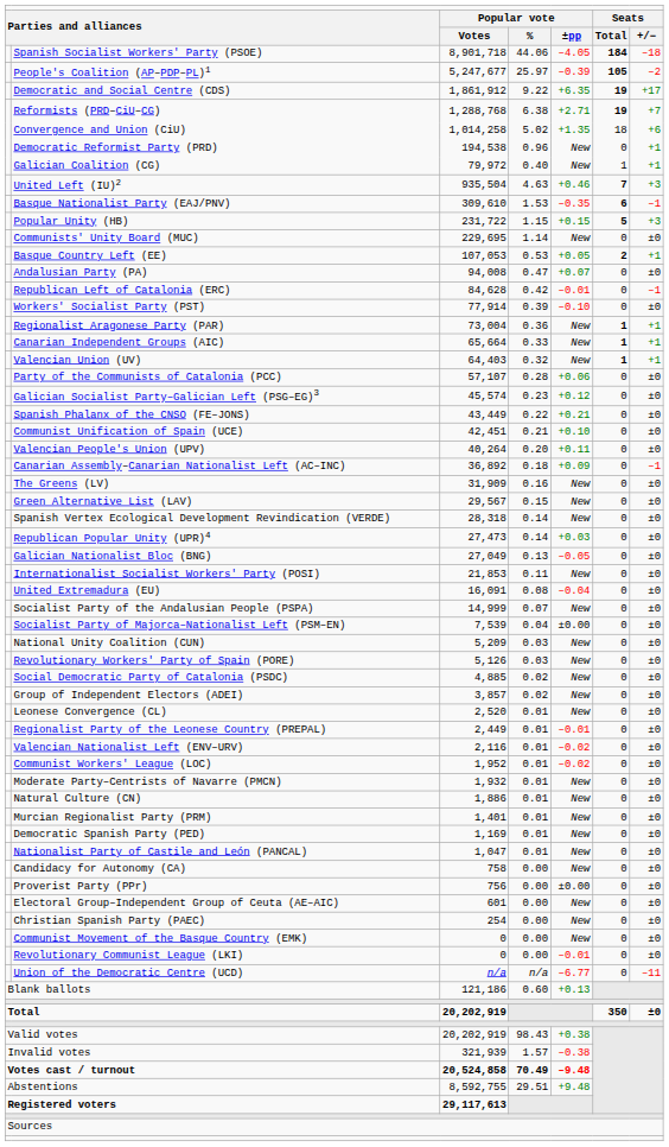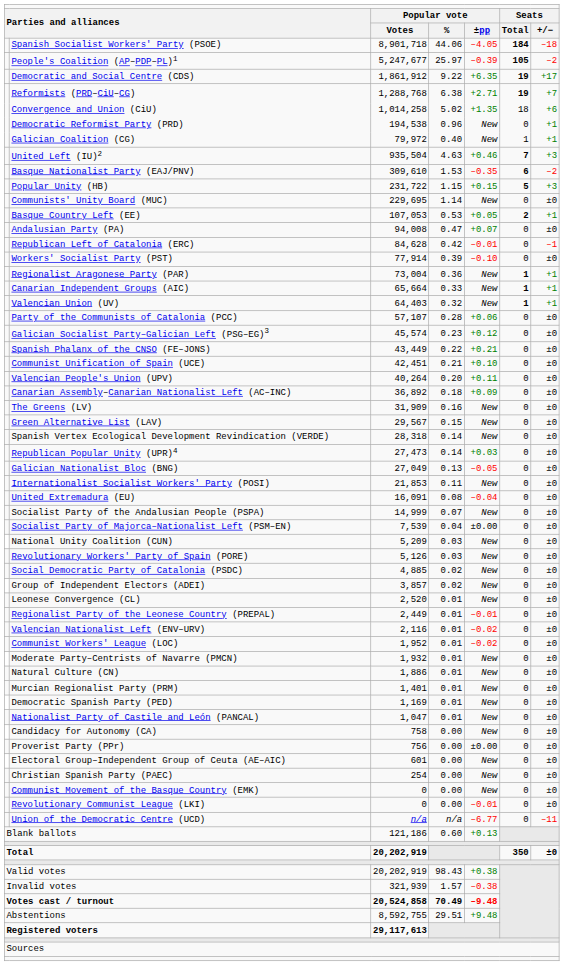 <table class="wikitable" style="text-align:right;">
 <tr>
 <td colspan="7"></td>
 </tr>
 <tr>
 <th style="text-align:left;" rowspan="2" colspan="2" width="525">Parties and alliances</th>
 <th colspan="3">Popular vote</th>
 <th colspan="2">Seats</th>
 </tr>
 <tr>
 <th width="75">Votes</th>
 <th width="45">%</th>
 <th width="45">±<a href='#'>pp</a></th>
 <th width="35">Total</th>
 <th width="35">+/−</th>
 </tr>
 <tr>
 <td width="1" style="color:inherit;background:"></td>
 <td align="left"><a href='#'>Spanish Socialist Workers' Party</a> (PSOE)</td>
 <td>8,901,718</td>
 <td>44.06</td>
 <td style="color:red;">–4.05</td>
 <td><strong>184</strong></td>
 <td style="color:red;">–18</td>
 </tr>
 <tr>
 <td style="color:inherit;background:"></td>
 <td align="left"><a href='#'>People's Coalition</a> (<a href='#'>AP</a>–<a href='#'>PDP</a>–<a href='#'>PL</a>)<sup>1</sup></td>
 <td>5,247,677</td>
 <td>25.97</td>
 <td style="color:red;">–0.39</td>
 <td><strong>105</strong></td>
 <td style="color:red;">–2</td>
 </tr>
 <tr>
 <td style="color:inherit;background:"></td>
 <td align="left"><a href='#'>Democratic and Social Centre</a> (CDS)</td>
 <td>1,861,912</td>
 <td>9.22</td>
 <td style="color:green;">+6.35</td>
 <td><strong>19</strong></td>
 <td style="color:green;">+17</td>
 </tr>
 <tr style="line-height:22px;">
 <td rowspan="4" style="color:inherit;background:"></td>
 <td align="left"><a href='#'>Reformists</a> (<a href='#'>PRD</a>–<a href='#'>CiU</a>–<a href='#'>CG</a>)</td>
 <td>1,288,768</td>
 <td>6.38</td>
 <td style="color:green;">+2.71</td>
 <td><strong>19</strong></td>
 <td style="color:green;">+7</td>
 </tr>
 <tr style="border-bottom-style:hidden; border-top-style:hidden; line-height:16px;">
 <td align="left"><span><a href='#'>Convergence and Union</a> (CiU)</span></td>
 <td>1,014,258</td>
 <td>5.02</td>
 <td style="color:green;">+1.35</td>
 <td>18</td>
 <td style="color:green;">+6</td>
 </tr>
 <tr style="border-bottom-style:hidden; line-height:16px;">
 <td align="left"><span><a href='#'>Democratic Reformist Party</a> (PRD)</span></td>
 <td>194,538</td>
 <td>0.96</td>
 <td><em>New</em></td>
 <td>0</td>
 <td style="color:green;">+1</td>
 </tr>
 <tr style="line-height:16px;">
 <td align="left"><span><a href='#'>Galician Coalition</a> (CG)</span></td>
 <td>79,972</td>
 <td>0.40</td>
 <td><em>New</em></td>
 <td>1</td>
 <td style="color:green;">+1</td>
 </tr>
 <tr>
 <td style="color:inherit;background:"></td>
 <td align="left"><a href='#'>United Left</a> (IU)<sup>2</sup></td>
 <td>935,504</td>
 <td>4.63</td>
 <td style="color:green;">+0.46</td>
 <td><strong>7</strong></td>
 <td style="color:green;">+3</td>
 </tr>
 <tr>
 <td style="color:inherit;background:"></td>
 <td align="left"><a href='#'>Basque Nationalist Party</a> (EAJ/PNV)</td>
 <td>309,610</td>
 <td>1.53</td>
 <td style="color:red;">–0.35</td>
 <td><strong>6</strong></td>
-<td style="color:red;">–1</td>
+<td style="color:red;">–2</td>
 </tr>
 <tr>
 <td style="color:inherit;background:"></td>
 <td align="left"><a href='#'>Popular Unity</a> (HB)</td>
 <td>231,722</td>
 <td>1.15</td>
 <td style="color:green;">+0.15</td>
 <td><strong>5</strong></td>
 <td style="color:green;">+3</td>
 </tr>
 <tr>
 <td style="color:inherit;background:"></td>
 <td align="left"><a href='#'>Communists' Unity Board</a> (MUC)</td>
 <td>229,695</td>
 <td>1.14</td>
 <td><em>New</em></td>
 <td>0</td>
 <td>±0</td>
 </tr>
 <tr>
 <td style="color:inherit;background:"></td>
 <td align="left"><a href='#'>Basque Country Left</a> (EE)</td>
 <td>107,053</td>
 <td>0.53</td>
 <td style="color:green;">+0.05</td>
 <td><strong>2</strong></td>
 <td style="color:green;">+1</td>
 </tr>
 <tr>
 <td style="color:inherit;background:"></td>
 <td align="left"><a href='#'>Andalusian Party</a> (PA)</td>
 <td>94,008</td>
 <td>0.47</td>
 <td style="color:green;">+0.07</td>
 <td>0</td>
 <td>±0</td>
 </tr>
 <tr>
 <td style="color:inherit;background:"></td>
 <td align="left"><a href='#'>Republican Left of Catalonia</a> (ERC)</td>
 <td>84,628</td>
 <td>0.42</td>
 <td style="color:red;">–0.01</td>
 <td>0</td>
 <td style="color:red;">–1</td>
 </tr>
 <tr>
 <td style="color:inherit;background:"></td>
 <td align="left"><a href='#'>Workers' Socialist Party</a> (PST)</td>
 <td>77,914</td>
 <td>0.39</td>
 <td style="color:red;">–0.10</td>
 <td>0</td>
 <td>±0</td>
 </tr>
 <tr>
 <td style="color:inherit;background:"></td>
 <td align="left"><a href='#'>Regionalist Aragonese Party</a> (PAR)</td>
 <td>73,004</td>
 <td>0.36</td>
 <td><em>New</em></td>
 <td><strong>1</strong></td>
 <td style="color:green;">+1</td>
 </tr>
 <tr>
 <td style="color:inherit;background:"></td>
 <td align="left"><a href='#'>Canarian Independent Groups</a> (AIC)</td>
 <td>65,664</td>
 <td>0.33</td>
 <td><em>New</em></td>
 <td><strong>1</strong></td>
 <td style="color:green;">+1</td>
 </tr>
 <tr>
 <td style="color:inherit;background:"></td>
 <td align="left"><a href='#'>Valencian Union</a> (UV)</td>
 <td>64,403</td>
 <td>0.32</td>
 <td><em>New</em></td>
 <td><strong>1</strong></td>
 <td style="color:green;">+1</td>
 </tr>
 <tr>
 <td style="color:inherit;background:"></td>
 <td align="left"><a href='#'>Party of the Communists of Catalonia</a> (PCC)</td>
 <td>57,107</td>
 <td>0.28</td>
 <td style="color:green;">+0.06</td>
 <td>0</td>
 <td>±0</td>
 </tr>
 <tr>
 <td style="color:inherit;background:"></td>
 <td align="left"><a href='#'>Galician Socialist Party–Galician Left</a> (PSG–EG)<sup>3</sup></td>
 <td>45,574</td>
 <td>0.23</td>
 <td style="color:green;">+0.12</td>
 <td>0</td>
 <td>±0</td>
 </tr>
 <tr>
 <td style="color:inherit;background:"></td>
 <td align="left"><a href='#'>Spanish Phalanx of the CNSO</a> (FE–JONS)</td>
 <td>43,449</td>
 <td>0.22</td>
 <td style="color:green;">+0.21</td>
 <td>0</td>
 <td>±0</td>
 </tr>
 <tr>
 <td style="color:inherit;background:"></td>
 <td align="left"><a href='#'>Communist Unification of Spain</a> (UCE)</td>
 <td>42,451</td>
 <td>0.21</td>
 <td style="color:green;">+0.10</td>
 <td>0</td>
 <td>±0</td>
 </tr>
 <tr>
 <td style="color:inherit;background:"></td>
 <td align="left"><a href='#'>Valencian People's Union</a> (UPV)</td>
 <td>40,264</td>
 <td>0.20</td>
 <td style="color:green;">+0.11</td>
 <td>0</td>
 <td>±0</td>
 </tr>
 <tr>
 <td style="color:inherit;background:"></td>
 <td align="left"><a href='#'>Canarian Assembly</a>–<a href='#'>Canarian Nationalist Left</a> (AC–INC)</td>
 <td>36,892</td>
 <td>0.18</td>
 <td style="color:green;">+0.09</td>
 <td>0</td>
-<td style="color:red;">–1</td>
+<td>±0</td>
 </tr>
 <tr>
 <td style="color:inherit;background:"></td>
 <td align="left"><a href='#'>The Greens</a> (LV)</td>
 <td>31,909</td>
 <td>0.16</td>
 <td><em>New</em></td>
 <td>0</td>
 <td>±0</td>
 </tr>
 <tr>
 <td style="color:inherit;background:"></td>
 <td align="left"><a href='#'>Green Alternative List</a> (LAV)</td>
 <td>29,567</td>
 <td>0.15</td>
 <td><em>New</em></td>
 <td>0</td>
 <td>±0</td>
 </tr>
 <tr>
 <td style="color:inherit;background:"></td>
 <td align="left">Spanish Vertex Ecological Development Revindication (VERDE)</td>
 <td>28,318</td>
 <td>0.14</td>
 <td><em>New</em></td>
 <td>0</td>
 <td>±0</td>
 </tr>
 <tr>
 <td style="color:inherit;background:"></td>
 <td align="left"><a href='#'>Republican Popular Unity</a> (UPR)<sup>4</sup></td>
 <td>27,473</td>
 <td>0.14</td>
 <td style="color:green;">+0.03</td>
 <td>0</td>
 <td>±0</td>
 </tr>
 <tr>
 <td style="color:inherit;background:"></td>
 <td align="left"><a href='#'>Galician Nationalist Bloc</a> (BNG)</td>
 <td>27,049</td>
 <td>0.13</td>
 <td style="color:red;">–0.05</td>
 <td>0</td>
 <td>±0</td>
 </tr>
 <tr>
 <td style="color:inherit;background:"></td>
 <td align="left"><a href='#'>Internationalist Socialist Workers' Party</a> (POSI)</td>
 <td>21,853</td>
 <td>0.11</td>
 <td><em>New</em></td>
 <td>0</td>
 <td>±0</td>
 </tr>
 <tr>
 <td style="color:inherit;background:"></td>
 <td align="left"><a href='#'>United Extremadura</a> (EU)</td>
 <td>16,091</td>
 <td>0.08</td>
 <td style="color:red;">–0.04</td>
 <td>0</td>
 <td>±0</td>
 </tr>
 <tr>
 <td style="color:inherit;background:"></td>
 <td align="left">Socialist Party of the Andalusian People (PSPA)</td>
 <td>14,999</td>
 <td>0.07</td>
 <td><em>New</em></td>
 <td>0</td>
 <td>±0</td>
 </tr>
 <tr>
 <td style="color:inherit;background:"></td>
 <td align="left"><a href='#'>Socialist Party of Majorca–Nationalist Left</a> (PSM–EN)</td>
 <td>7,539</td>
 <td>0.04</td>
 <td>±0.00</td>
 <td>0</td>
 <td>±0</td>
 </tr>
 <tr>
 <td bgcolor="white"></td>
 <td align="left">National Unity Coalition (CUN)</td>
 <td>5,209</td>
 <td>0.03</td>
 <td><em>New</em></td>
 <td>0</td>
 <td>±0</td>
 </tr>
 <tr>
 <td style="color:inherit;background:"></td>
 <td align="left"><a href='#'>Revolutionary Workers' Party of Spain</a> (PORE)</td>
 <td>5,126</td>
 <td>0.03</td>
 <td><em>New</em></td>
 <td>0</td>
 <td>±0</td>
 </tr>
 <tr>
 <td style="color:inherit;background:"></td>
 <td align="left"><a href='#'>Social Democratic Party of Catalonia</a> (PSDC)</td>
 <td>4,885</td>
 <td>0.02</td>
 <td><em>New</em></td>
 <td>0</td>
 <td>±0</td>
 </tr>
 <tr>
 <td bgcolor="white"></td>
 <td align="left">Group of Independent Electors (ADEI)</td>
 <td>3,857</td>
 <td>0.02</td>
 <td><em>New</em></td>
 <td>0</td>
 <td>±0</td>
 </tr>
 <tr>
 <td style="color:inherit;background:"></td>
 <td align="left">Leonese Convergence (CL)</td>
 <td>2,520</td>
 <td>0.01</td>
 <td><em>New</em></td>
 <td>0</td>
 <td>±0</td>
 </tr>
 <tr>
 <td style="color:inherit;background:"></td>
 <td align="left"><a href='#'>Regionalist Party of the Leonese Country</a> (PREPAL)</td>
 <td>2,449</td>
 <td>0.01</td>
 <td style="color:red;">–0.01</td>
 <td>0</td>
 <td>±0</td>
 </tr>
 <tr>
 <td style="color:inherit;background:"></td>
 <td align="left"><a href='#'>Valencian Nationalist Left</a> (ENV–URV)</td>
 <td>2,116</td>
 <td>0.01</td>
 <td style="color:red;">–0.02</td>
 <td>0</td>
 <td>±0</td>
 </tr>
 <tr>
 <td style="color:inherit;background:"></td>
 <td align="left"><a href='#'>Communist Workers' League</a> (LOC)</td>
 <td>1,952</td>
 <td>0.01</td>
 <td style="color:red;">–0.02</td>
 <td>0</td>
 <td>±0</td>
 </tr>
 <tr>
 <td bgcolor="white"></td>
 <td align="left">Moderate Party–Centrists of Navarre (PMCN)</td>
 <td>1,932</td>
 <td>0.01</td>
 <td><em>New</em></td>
 <td>0</td>
 <td>±0</td>
 </tr>
 <tr>
 <td style="color:inherit;background:"></td>
 <td align="left">Natural Culture (CN)</td>
 <td>1,886</td>
 <td>0.01</td>
 <td><em>New</em></td>
 <td>0</td>
 <td>±0</td>
 </tr>
 <tr>
 <td style="color:inherit;background:"></td>
 <td align="left">Murcian Regionalist Party (PRM)</td>
 <td>1,401</td>
 <td>0.01</td>
 <td><em>New</em></td>
 <td>0</td>
 <td>±0</td>
 </tr>
 <tr>
 <td bgcolor="white"></td>
 <td align="left">Democratic Spanish Party (PED)</td>
 <td>1,169</td>
 <td>0.01</td>
 <td><em>New</em></td>
 <td>0</td>
 <td>±0</td>
 </tr>
 <tr>
 <td style="color:inherit;background:"></td>
 <td align="left"><a href='#'>Nationalist Party of Castile and León</a> (PANCAL)</td>
 <td>1,047</td>
 <td>0.01</td>
 <td><em>New</em></td>
 <td>0</td>
 <td>±0</td>
 </tr>
 <tr>
 <td bgcolor="white"></td>
 <td align="left">Candidacy for Autonomy (CA)</td>
 <td>758</td>
 <td>0.00</td>
 <td><em>New</em></td>
 <td>0</td>
 <td>±0</td>
 </tr>
 <tr>
 <td style="color:inherit;background:"></td>
 <td align="left">Proverist Party (PPr)</td>
 <td>756</td>
 <td>0.00</td>
 <td>±0.00</td>
 <td>0</td>
 <td>±0</td>
 </tr>
 <tr>
 <td bgcolor="white"></td>
 <td align="left">Electoral Group–Independent Group of Ceuta (AE–AIC)</td>
 <td>601</td>
 <td>0.00</td>
 <td><em>New</em></td>
 <td>0</td>
 <td>±0</td>
 </tr>
 <tr>
 <td style="color:inherit;background:"></td>
 <td align="left">Christian Spanish Party (PAEC)</td>
 <td>254</td>
 <td>0.00</td>
 <td><em>New</em></td>
 <td>0</td>
 <td>±0</td>
 </tr>
 <tr>
 <td style="color:inherit;background:"></td>
 <td align="left"><a href='#'>Communist Movement of the Basque Country</a> (EMK)</td>
 <td>0</td>
 <td>0.00</td>
 <td><em>New</em></td>
 <td>0</td>
 <td>±0</td>
 </tr>
 <tr>
 <td style="color:inherit;background:"></td>
 <td align="left"><a href='#'>Revolutionary Communist League</a> (LKI)</td>
 <td>0</td>
 <td>0.00</td>
 <td style="color:red;">–0.01</td>
 <td>0</td>
 <td>±0</td>
 </tr>
 <tr>
 <td style="color:inherit;background:"></td>
 <td align="left"><a href='#'>Union of the Democratic Centre</a> (UCD)</td>
 <td><em><a href='#'>n/a</a></em></td>
 <td><em>n/a</em></td>
 <td style="color:red;">–6.77</td>
 <td>0</td>
 <td style="color:red;">–11</td>
 </tr>
 <tr>
 <td align="left" colspan="2">Blank ballots</td>
 <td>121,186</td>
 <td>0.60</td>
 <td style="color:green;">+0.13</td>
 <td bgcolor="#E9E9E9" colspan="2"></td>
 </tr>
 <tr>
 <td colspan="7" bgcolor="#E9E9E9"></td>
 </tr>
 <tr style="font-weight:bold;">
 <td align="left" colspan="2">Total</td>
 <td>20,202,919</td>
 <td bgcolor="#E9E9E9" colspan="2"></td>
 <td>350</td>
 <td>±0</td>
 </tr>
 <tr>
 <td colspan="7" bgcolor="#E9E9E9"></td>
 </tr>
 <tr>
 <td align="left" colspan="2">Valid votes</td>
 <td>20,202,919</td>
 <td>98.43</td>
 <td style="color:green;">+0.38</td>
 <td bgcolor="#E9E9E9" colspan="2" rowspan="5"></td>
 </tr>
 <tr>
 <td align="left" colspan="2">Invalid votes</td>
 <td>321,939</td>
 <td>1.57</td>
 <td style="color:red;">–0.38</td>
 </tr>
 <tr style="font-weight:bold;">
 <td align="left" colspan="2">Votes cast / turnout</td>
 <td>20,524,858</td>
 <td>70.49</td>
 <td style="color:red;">–9.48</td>
 </tr>
 <tr>
 <td align="left" colspan="2">Abstentions</td>
 <td>8,592,755</td>
 <td>29.51</td>
 <td style="color:green;">+9.48</td>
 </tr>
 <tr style="font-weight:bold;">
 <td align="left" colspan="2">Registered voters</td>
 <td>29,117,613</td>
 <td bgcolor="#E9E9E9" colspan="2"></td>
 </tr>
 <tr>
 <td colspan="7" bgcolor="#E9E9E9"></td>
 </tr>
 <tr>
 <td align="left" colspan="7">Sources</td>
 </tr>
 <tr>
 <td colspan="7" style="text-align:left; max-width:790px;"></td>
 </tr>
 </table>
